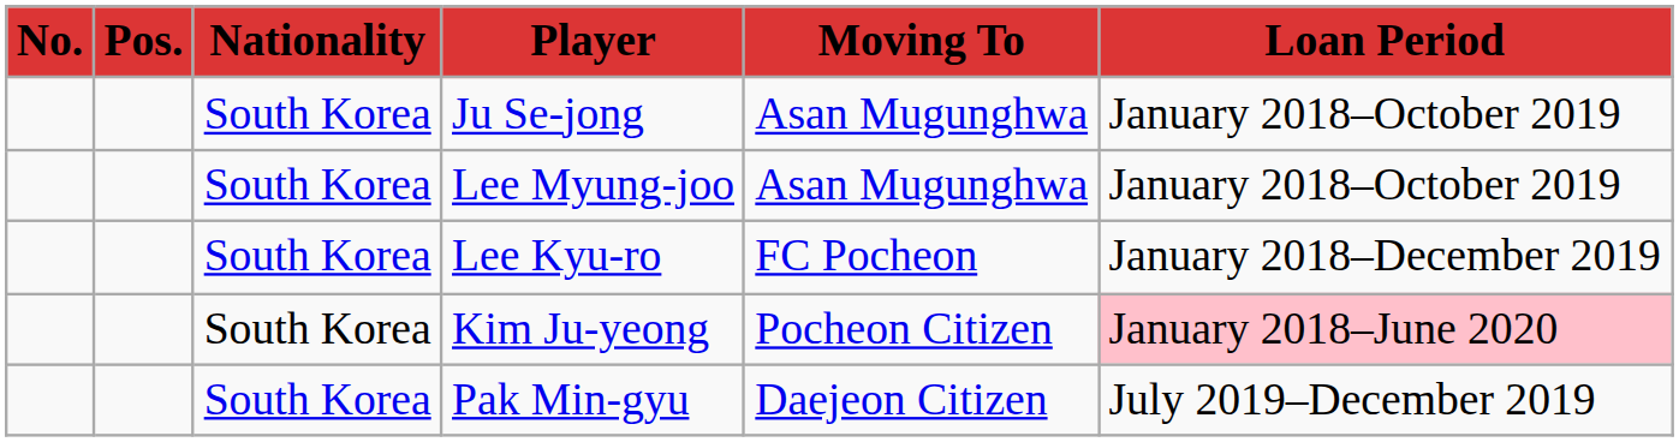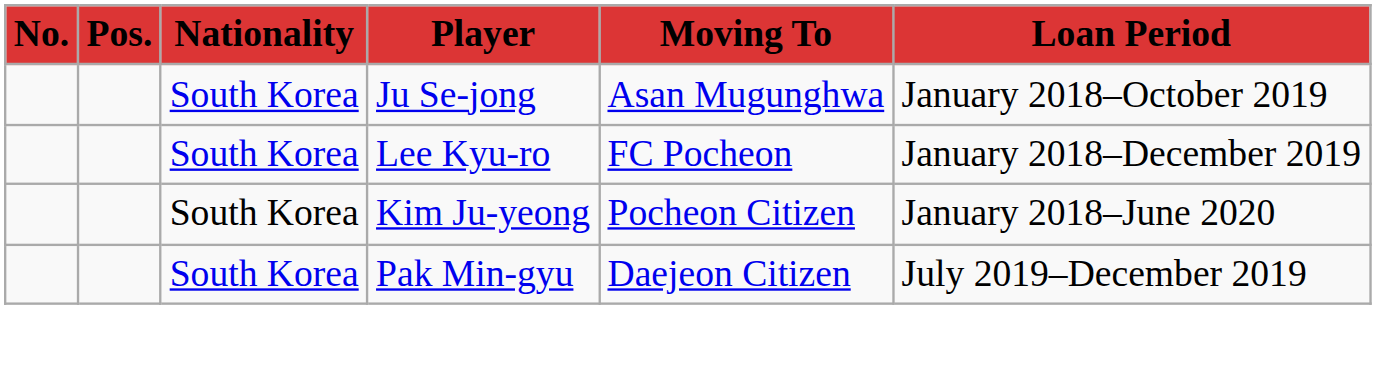 <table class="wikitable sortable" style="text-align: left;">
 <tr>
 <th style="color:#000000; background:#DC3535;">No.</th>
 <th style="color:#000000; background:#DC3535;">Pos.</th>
 <th style="color:#000000; background:#DC3535;">Nationality</th>
 <th style="color:#000000; background:#DC3535;">Player</th>
 <th style="color:#000000; background:#DC3535;">Moving To</th>
 <th style="color:#000000; background:#DC3535;">Loan Period</th>
 </tr>
 <tr>
 <td></td>
 <td></td>
 <td> <a href='#'>South Korea</a></td>
 <td><a href='#'>Ju Se-jong</a></td>
 <td> <a href='#'>Asan Mugunghwa</a></td>
 <td>January 2018–October 2019</td>
 </tr>
 <tr>
 <td></td>
 <td></td>
 <td> <a href='#'>South Korea</a></td>
-<td><a href='#'>Lee Myung-joo</a></td>
-<td> <a href='#'>Asan Mugunghwa</a></td>
-<td>January 2018–October 2019</td>
-</tr>
-<tr>
-<td></td>
-<td></td>
-<td> <a href='#'>South Korea</a></td>
 <td><a href='#'>Lee Kyu-ro</a></td>
 <td> <a href='#'>FC Pocheon</a></td>
 <td>January 2018–December 2019</td>
 </tr>
 <tr>
 <td></td>
 <td></td>
 <td> South Korea</td>
 <td><a href='#'>Kim Ju-yeong</a></td>
 <td> <a href='#'>Pocheon Citizen</a></td>
-<td style="background: pink;">January 2018–June 2020</td>
+<td>January 2018–June 2020</td>
 </tr>
 <tr>
 <td></td>
 <td></td>
 <td> <a href='#'>South Korea</a></td>
 <td><a href='#'>Pak Min-gyu</a></td>
 <td> <a href='#'>Daejeon Citizen</a></td>
 <td>July 2019–December 2019</td>
 </tr>
 </table>
